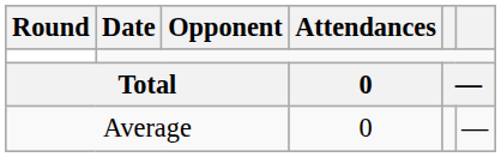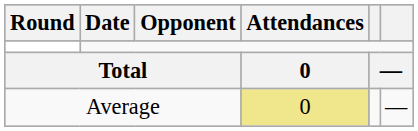 <table class="wikitable sortable mw-collapsible mw-collapsed" style="text-align:center; font-size:85%;">
 <tr>
 <th scope="col">Round</th>
 <th scope="col">Date</th>
 <th scope="col">Opponent</th>
 <th scope="col">Attendances</th>
 <th scope="col"></th>
 <th scope="col"></th>
 </tr>
 <tr bgcolor="white">
 <td></td>
 </tr>
 <tr>
 <th colspan="3">Total</th>
 <th>0</th>
 <th colspan="2">—</th>
 </tr>
 <tr>
 <td colspan="3">Average</td>
-<td>0</td>
+<td style="background: khaki;">0</td>
 <td></td>
 <td>—</td>
 </tr>
 </table>
